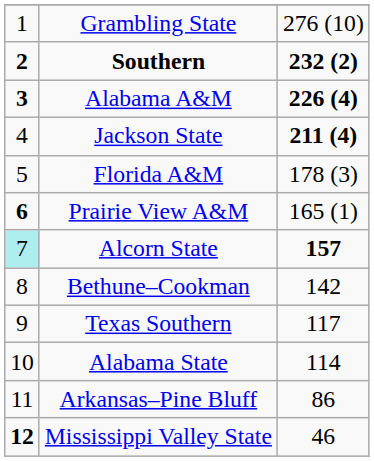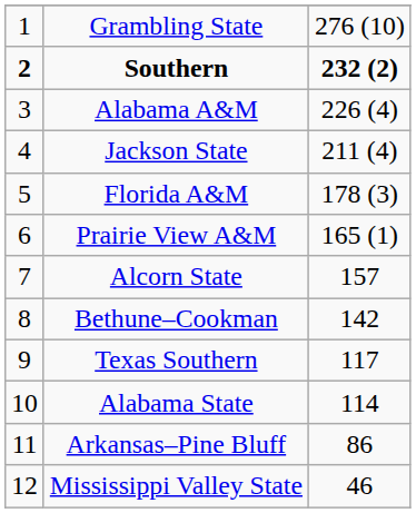 <table class="wikitable">
 <tr align=center>
 </tr>
 <tr align="center">
 <td>1</td>
 <td><a href='#'>Grambling State</a></td>
 <td>276 (10)</td>
 </tr>
 <tr align="center">
 <td><strong>2</strong></td>
 <td><strong>Southern</strong></td>
 <td><strong>232 (2)</strong></td>
 </tr>
 <tr align="center">
-<td><strong>3</strong></td>
+<td>3</td>
 <td><a href='#'>Alabama A&M</a></td>
-<td><strong>226 (4)</strong></td>
+<td>226 (4)</td>
 </tr>
 <tr align="center">
 <td>4</td>
 <td><a href='#'>Jackson State</a></td>
-<td><strong>211 (4)</strong></td>
+<td>211 (4)</td>
 </tr>
 <tr align="center">
 <td>5</td>
 <td><a href='#'>Florida A&M</a></td>
 <td>178 (3)</td>
 </tr>
 <tr align="center">
-<td><strong>6</strong></td>
+<td>6</td>
 <td><a href='#'>Prairie View A&M</a></td>
 <td>165 (1)</td>
 </tr>
 <tr align="center">
-<td style="background: paleturquoise;">7</td>
+<td>7</td>
 <td><a href='#'>Alcorn State</a></td>
-<td><strong>157</strong></td>
+<td>157</td>
 </tr>
 <tr align="center">
 <td>8</td>
 <td><a href='#'>Bethune–Cookman</a></td>
 <td>142</td>
 </tr>
 <tr align="center">
 <td>9</td>
 <td><a href='#'>Texas Southern</a></td>
 <td>117</td>
 </tr>
 <tr align="center">
 <td>10</td>
 <td><a href='#'>Alabama State</a></td>
 <td>114</td>
 </tr>
 <tr align="center">
 <td>11</td>
 <td><a href='#'>Arkansas–Pine Bluff</a></td>
 <td>86</td>
 </tr>
 <tr align="center">
-<td><strong>12</strong></td>
+<td>12</td>
 <td><a href='#'>Mississippi Valley State</a></td>
 <td>46</td>
 </tr>
 </table>
